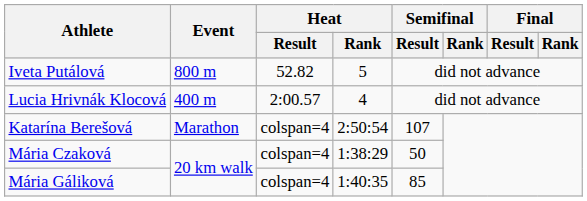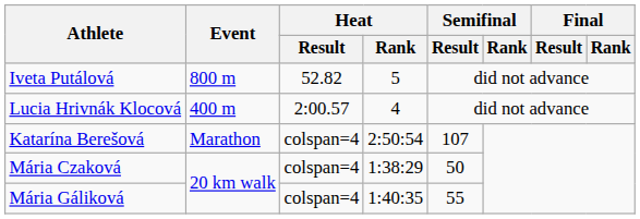 <table class="wikitable" style="font-size:90%">
 <tr>
 <th rowspan="2">Athlete</th>
 <th rowspan="2">Event</th>
 <th colspan="2">Heat</th>
 <th colspan="2">Semifinal</th>
 <th colspan="2">Final</th>
 </tr>
 <tr style="font-size:95%">
 <th>Result</th>
 <th>Rank</th>
 <th>Result</th>
 <th>Rank</th>
 <th>Result</th>
 <th>Rank</th>
 </tr>
 <tr align=center>
 <td align=left><a href='#'>Iveta Putálová</a></td>
 <td align=left><a href='#'>800 m</a></td>
 <td>52.82</td>
 <td>5</td>
 <td colspan=4>did not advance</td>
 </tr>
 <tr align=center>
 <td align=left><a href='#'>Lucia Hrivnák Klocová</a></td>
 <td align=left><a href='#'>400 m</a></td>
 <td>2:00.57</td>
 <td>4</td>
 <td colspan=4>did not advance</td>
 </tr>
 <tr align=center>
 <td align=left><a href='#'>Katarína Berešová</a></td>
 <td align=left><a href='#'>Marathon</a></td>
 <td>colspan=4 </td>
 <td>2:50:54</td>
 <td>107</td>
 </tr>
 <tr align=center>
 <td align=left><a href='#'>Mária Czaková</a></td>
 <td align=left rowspan=2><a href='#'>20 km walk</a></td>
 <td>colspan=4 </td>
 <td>1:38:29</td>
 <td>50</td>
 </tr>
 <tr align=center>
 <td align=left><a href='#'>Mária Gáliková</a></td>
 <td>colspan=4 </td>
 <td>1:40:35</td>
-<td>85</td>
+<td>55</td>
 </tr>
 </table>
